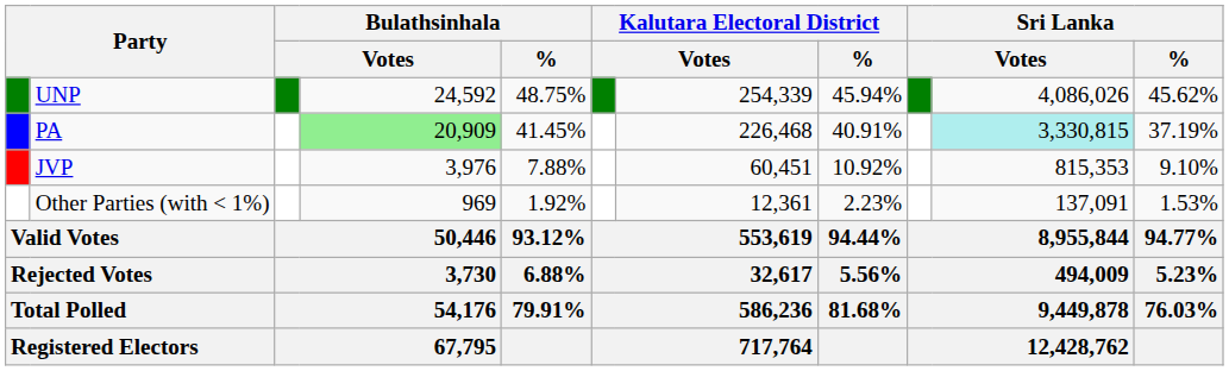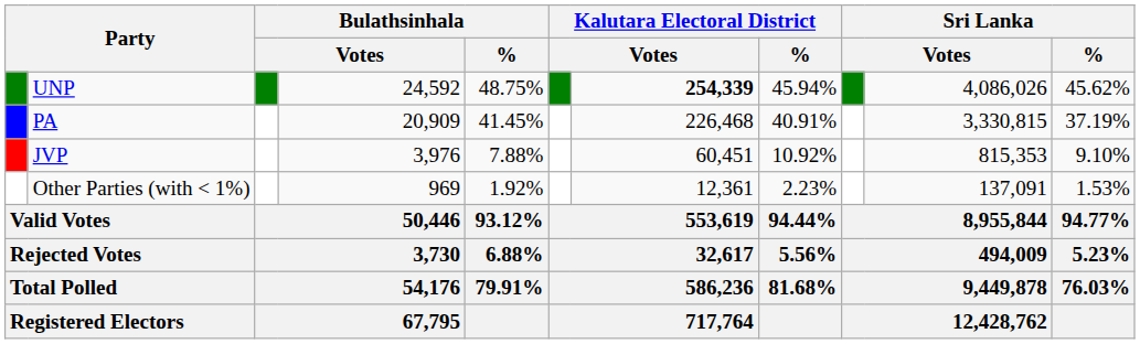 <table class="wikitable">
 <tr>
 <th colspan="2" width="144px"rowspan="2">Party</th>
 <th colspan="3" width="216px">Bulathsinhala</th>
 <th colspan="3" width="216px"><a href='#'>Kalutara Electoral District</a></th>
 <th colspan="3" width="216px">Sri Lanka</th>
 </tr>
 <tr>
 <th colspan="2" width="144px">Votes</th>
 <th>%</th>
 <th colspan="2" width="144px">Votes</th>
 <th>%</th>
 <th colspan="2" width="144px">Votes</th>
 <th>%</th>
 </tr>
 <tr>
 <td style="background-color:green;" width="10px"></td>
 <td style="text-align:left;"><a href='#'>UNP</a></td>
 <td style="background-color:green;" width="10px"></td>
 <td style="text-align:right;">24,592</td>
 <td style="text-align:right;">48.75%</td>
 <td style="background-color:green;" width="10px"></td>
-<td style="text-align:right;">254,339</td>
+<td style="text-align:right;"><strong>254,339</strong></td>
 <td style="text-align:right;">45.94%</td>
 <td style="background-color:green;" width="10px"></td>
 <td style="text-align:right;">4,086,026</td>
 <td style="text-align:right;">45.62%</td>
 </tr>
 <tr>
 <td style="background-color:blue;" width="10px"></td>
 <td style="text-align:left;"><a href='#'>PA</a></td>
 <td style="background-color:white;" width="10px"></td>
-<td style="background: lightgreen; text-align:right;">20,909</td>
+<td style="text-align:right;">20,909</td>
 <td style="text-align:right;">41.45%</td>
 <td style="background-color:white;" width="10px"></td>
 <td style="text-align:right;">226,468</td>
 <td style="text-align:right;">40.91%</td>
 <td style="background-color:white;" width="10px"></td>
-<td style="background: paleturquoise; text-align:right;">3,330,815</td>
+<td style="text-align:right;">3,330,815</td>
 <td style="text-align:right;">37.19%</td>
 </tr>
 <tr>
 <td style="background-color:red;" width="10px"></td>
 <td style="text-align:left;"><a href='#'>JVP</a></td>
 <td style="background-color:white;" width="10px"></td>
 <td style="text-align:right;">3,976</td>
 <td style="text-align:right;">7.88%</td>
 <td style="background-color:white;" width="10px"></td>
 <td style="text-align:right;">60,451</td>
 <td style="text-align:right;">10.92%</td>
 <td style="background-color:white;" width="10px"></td>
 <td style="text-align:right;">815,353</td>
 <td style="text-align:right;">9.10%</td>
 </tr>
 <tr>
 <td style="background-color:white;" width="10px"></td>
 <td style="text-align:left;">Other Parties (with < 1%)</td>
 <td style="background-color:white;" width="10px"></td>
 <td style="text-align:right;">969</td>
 <td style="text-align:right;">1.92%</td>
 <td style="background-color:white;" width="10px"></td>
 <td style="text-align:right;">12,361</td>
 <td style="text-align:right;">2.23%</td>
 <td style="background-color:white;" width="10px"></td>
 <td style="text-align:right;">137,091</td>
 <td style="text-align:right;">1.53%</td>
 </tr>
 <tr>
 <th colspan="2" width="144px"style="text-align:left;">Valid Votes</th>
 <th style="text-align:right;"colspan="2" width="144px">50,446</th>
 <th style="text-align:right;">93.12%</th>
 <th style="text-align:right;"colspan="2" width="144px">553,619</th>
 <th style="text-align:right;">94.44%</th>
 <th style="text-align:right;"colspan="2" width="144px">8,955,844</th>
 <th style="text-align:right;">94.77%</th>
 </tr>
 <tr>
 <th colspan="2" width="144px"style="text-align:left;">Rejected Votes</th>
 <th style="text-align:right;"colspan="2" width="144px">3,730</th>
 <th style="text-align:right;">6.88%</th>
 <th style="text-align:right;"colspan="2" width="144px">32,617</th>
 <th style="text-align:right;">5.56%</th>
 <th style="text-align:right;"colspan="2" width="144px">494,009</th>
 <th style="text-align:right;">5.23%</th>
 </tr>
 <tr>
 <th colspan="2" width="144px"style="text-align:left;">Total Polled</th>
 <th style="text-align:right;"colspan="2" width="144px">54,176</th>
 <th style="text-align:right;">79.91%</th>
 <th style="text-align:right;"colspan="2" width="144px">586,236</th>
 <th style="text-align:right;">81.68%</th>
 <th style="text-align:right;"colspan="2" width="144px">9,449,878</th>
 <th style="text-align:right;">76.03%</th>
 </tr>
 <tr>
 <th colspan="2" width="144px"style="text-align:left;">Registered Electors</th>
 <th style="text-align:right;"colspan="2" width="144px">67,795</th>
 <th></th>
 <th style="text-align:right;"colspan="2" width="144px">717,764</th>
 <th></th>
 <th style="text-align:right;"colspan="2" width="144px">12,428,762</th>
 <th></th>
 </tr>
 </table>
